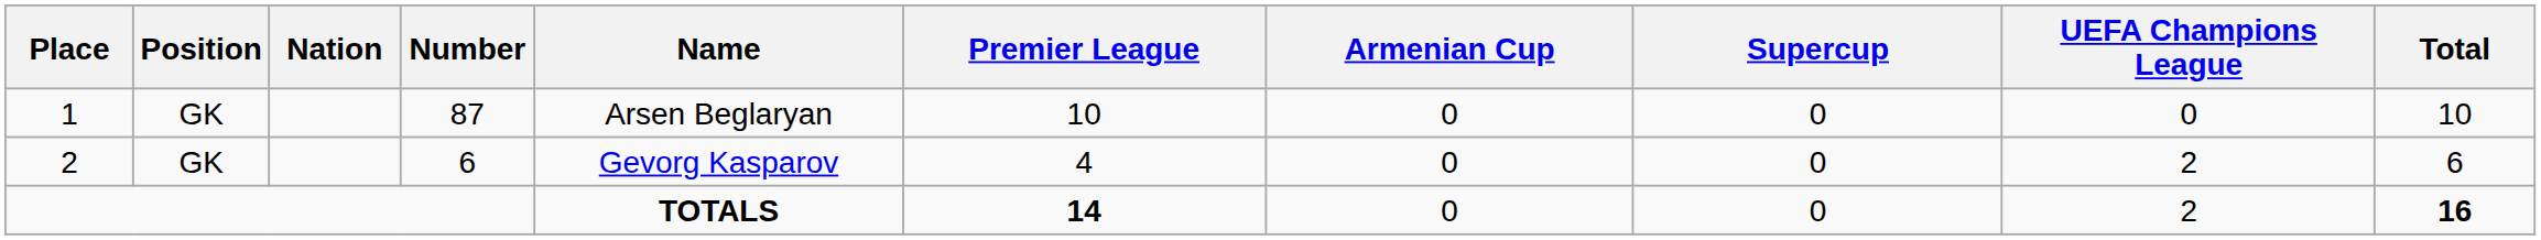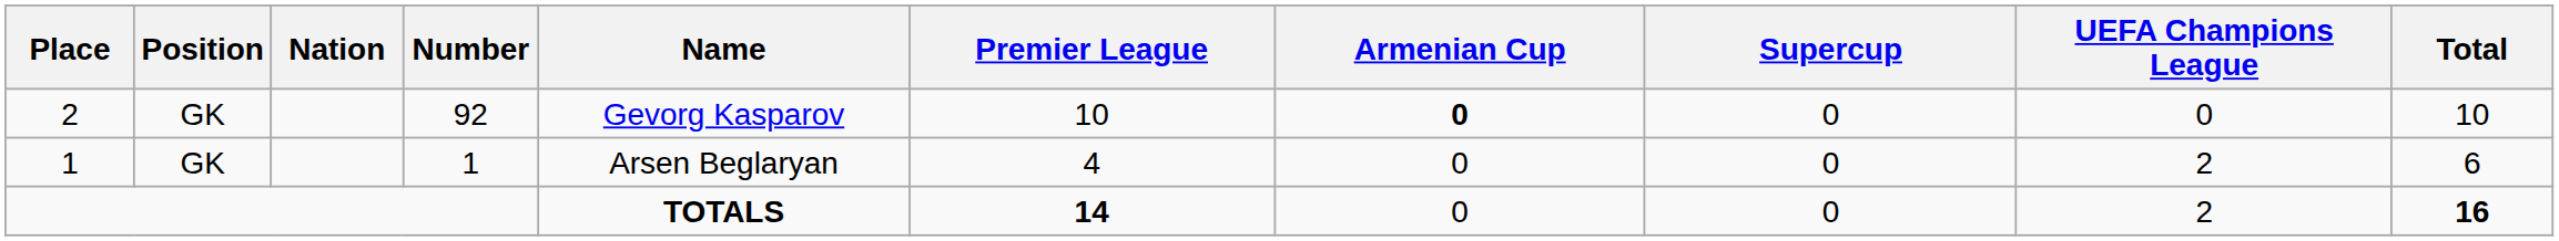 <table class="wikitable" style="font-size: 95%; text-align: center;">
 <tr>
 <th width=60>Place</th>
 <th width=60>Position</th>
 <th width=60>Nation</th>
 <th width=60>Number</th>
 <th width=200>Name</th>
 <th width=200><a href='#'>Premier League</a></th>
 <th width=200><a href='#'>Armenian Cup</a></th>
 <th width=200><a href='#'>Supercup</a></th>
 <th width=200><a href='#'>UEFA Champions League</a></th>
 <th width=80><strong>Total</strong></th>
 </tr>
 <tr>
-<td>1</td>
+<td>2</td>
 <td>GK</td>
 <td></td>
-<td>87</td>
-<td>Arsen Beglaryan</td>
+<td>92</td>
+<td><a href='#'>Gevorg Kasparov</a></td>
 <td>10</td>
-<td>0</td>
+<td><strong>0</strong></td>
 <td>0</td>
 <td>0</td>
 <td>10</td>
 </tr>
 <tr>
-<td>2</td>
+<td>1</td>
 <td>GK</td>
 <td></td>
-<td>6</td>
-<td><a href='#'>Gevorg Kasparov</a></td>
+<td>1</td>
+<td>Arsen Beglaryan</td>
 <td>4</td>
 <td>0</td>
 <td>0</td>
 <td>2</td>
 <td>6</td>
 </tr>
 <tr>
 <td colspan="4"></td>
 <td><strong>TOTALS</strong></td>
 <td><strong>14</strong></td>
 <td>0</td>
 <td>0</td>
 <td>2</td>
 <td><strong>16</strong></td>
 </tr>
 </table>
